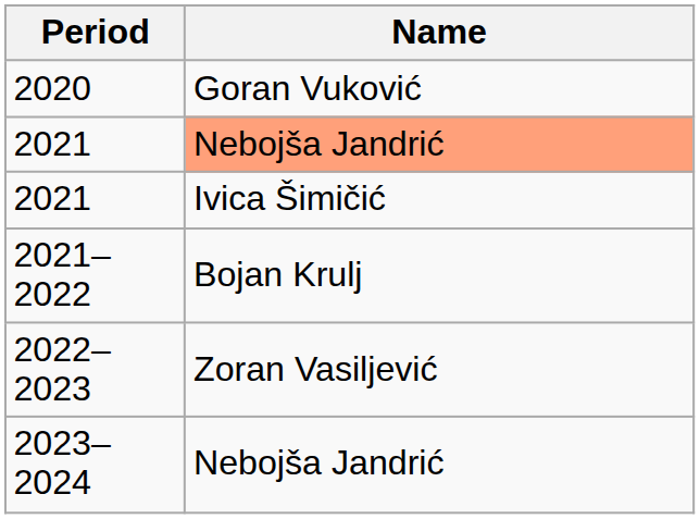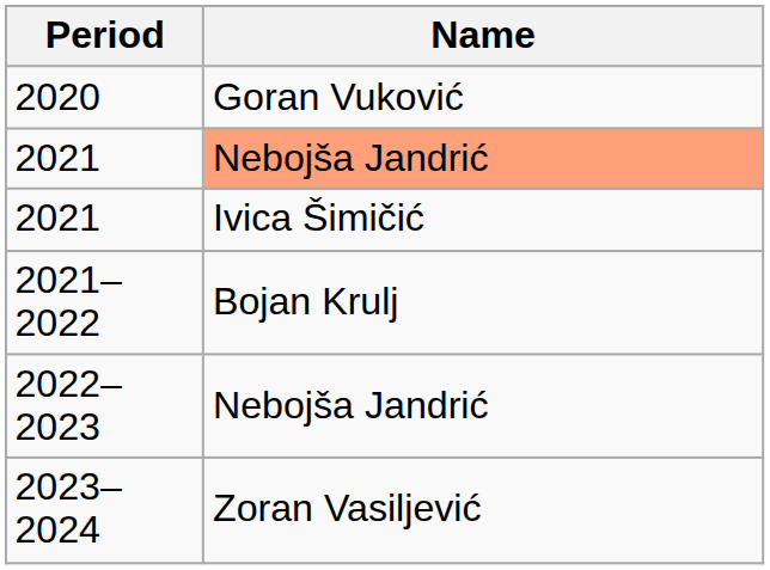 <table class="wikitable">
 <tr>
 <th width="75">Period</th>
 <th width="225">Name</th>
 </tr>
 <tr>
 <td>2020</td>
 <td> Goran Vuković</td>
 </tr>
 <tr>
 <td>2021</td>
 <td style="background: lightsalmon;"> Nebojša Jandrić</td>
 </tr>
 <tr>
 <td>2021</td>
 <td> Ivica Šimičić</td>
 </tr>
 <tr>
 <td>2021–2022</td>
 <td> Bojan Krulj</td>
 </tr>
 <tr>
 <td>2022–2023</td>
-<td> Zoran Vasiljević</td>
+<td> Nebojša Jandrić</td>
 </tr>
 <tr>
 <td>2023–2024</td>
-<td> Nebojša Jandrić</td>
+<td> Zoran Vasiljević</td>
 </tr>
 </table>
